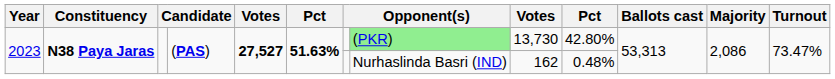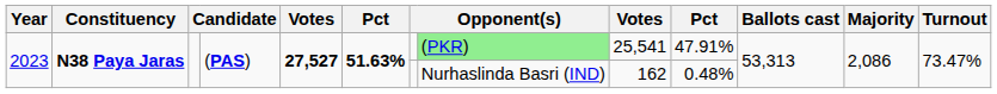 <table class="wikitable" style="margin:0.5em ; font-size:95%">
 <tr>
 <th>Year</th>
 <th>Constituency</th>
 <th colspan="2">Candidate</th>
 <th>Votes</th>
 <th>Pct</th>
 <th colspan="2">Opponent(s)</th>
 <th>Votes</th>
 <th>Pct</th>
 <th>Ballots cast</th>
 <th>Majority</th>
 <th>Turnout</th>
 </tr>
 <tr>
 <td rowspan=2><a href='#'>2023</a></td>
 <td rowspan=2><strong>N38 <a href='#'>Paya Jaras</a></strong></td>
 <td rowspan=2></td>
 <td rowspan=2> (<a href='#'><strong>PAS</strong></a>)</td>
 <td rowspan=2 align=right><strong>27,527</strong></td>
 <td rowspan=2><strong>51.63%</strong></td>
 <td></td>
 <td style="background: lightgreen;"> (<a href='#'>PKR</a>)</td>
-<td align=right>13,730</td>
-<td>42.80%</td>
+<td align=right>25,541</td>
+<td>47.91%</td>
 <td rowspan=2>53,313</td>
 <td rowspan=2>2,086</td>
 <td rowspan=2>73.47%</td>
 </tr>
 <tr>
 <td></td>
 <td>Nurhaslinda Basri (<a href='#'>IND</a>)</td>
 <td align=right>162</td>
 <td align=right>0.48%</td>
 </tr>
 </table>
